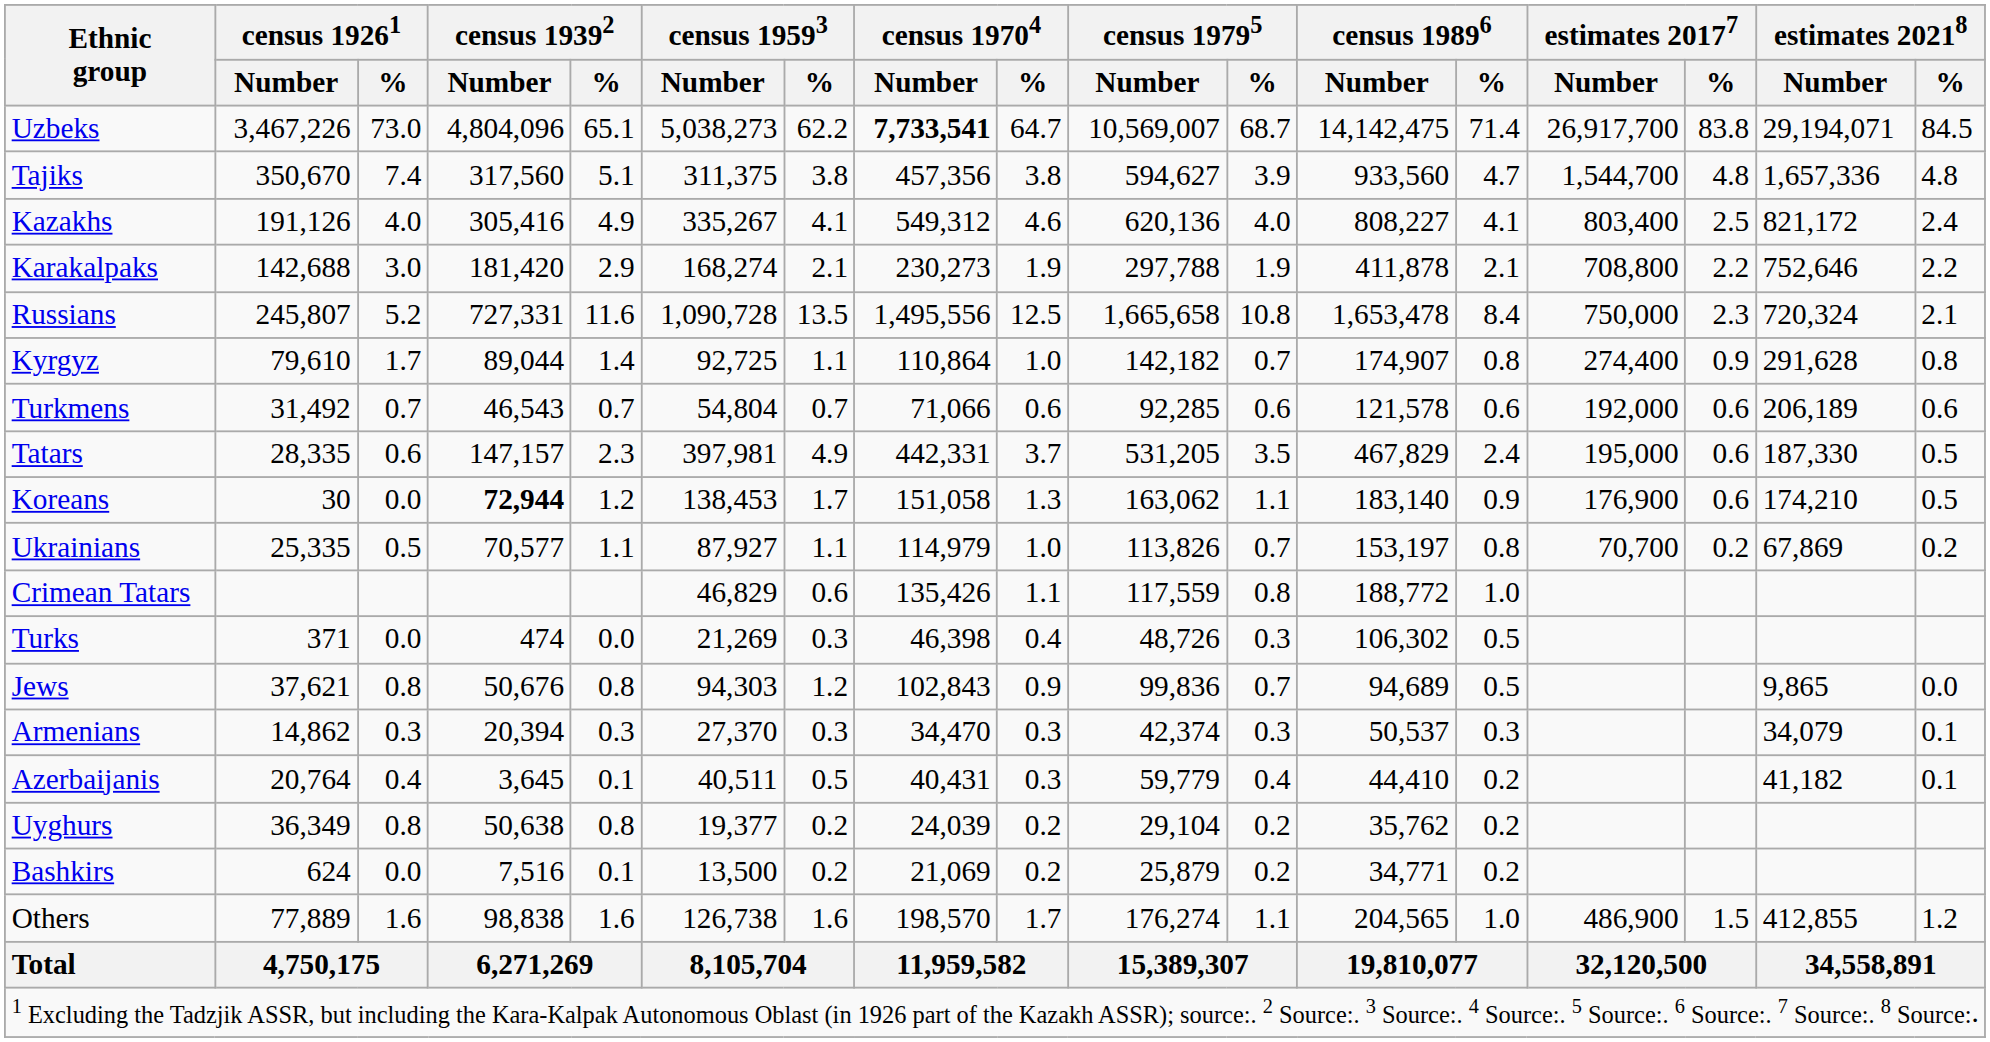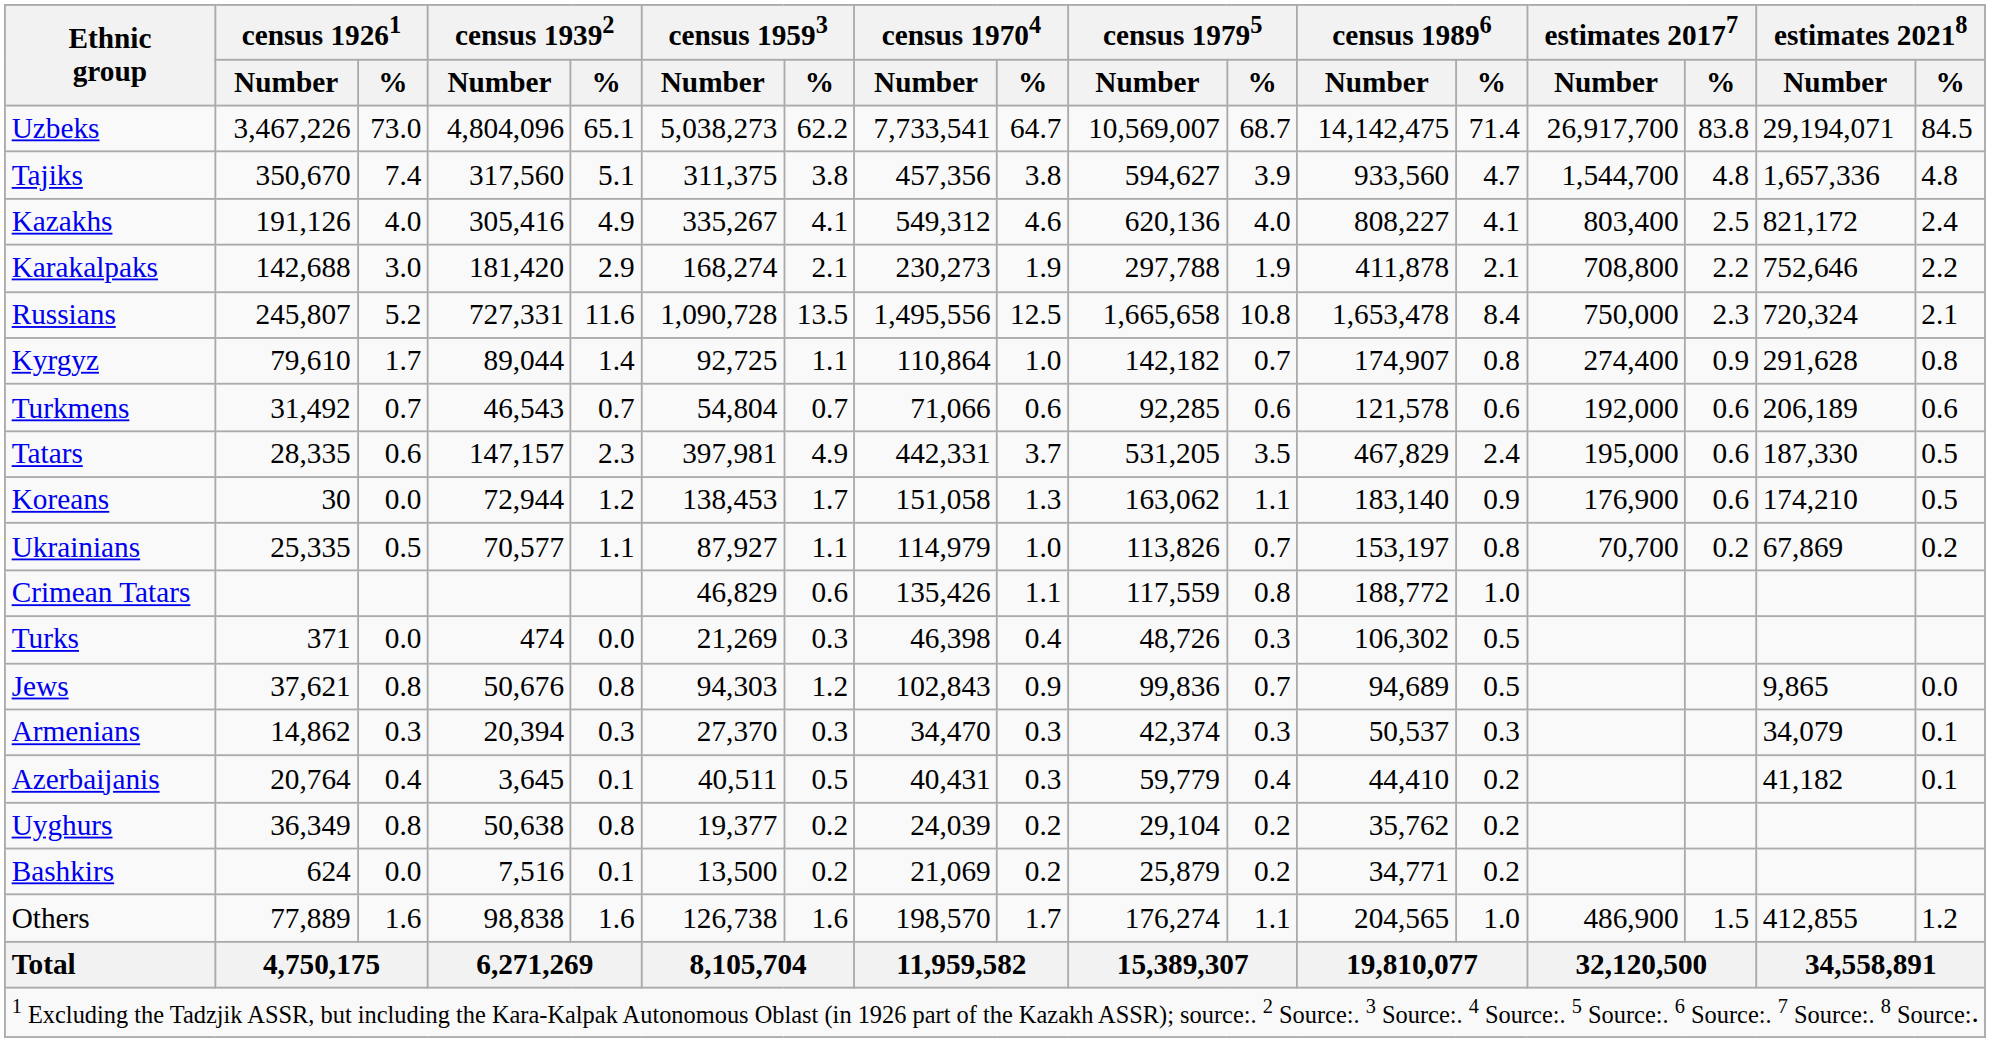 <table class="wikitable">
 <tr style="background:#e0e0e0;">
 <th rowspan="2">Ethnic<br>group</th>
 <th colspan="2">census 1926<sup>1</sup></th>
 <th colspan="2">census 1939<sup>2</sup></th>
 <th colspan="2">census 1959<sup>3</sup></th>
 <th colspan="2">census 1970<sup>4</sup></th>
 <th colspan="2">census 1979<sup>5</sup></th>
 <th colspan="2">census 1989<sup>6</sup></th>
 <th colspan="2">estimates 2017<sup>7</sup></th>
 <th colspan="2">estimates 2021<sup>8</sup></th>
 </tr>
 <tr style="background:#e0e0e0;">
 <th>Number</th>
 <th>%</th>
 <th>Number</th>
 <th>%</th>
 <th>Number</th>
 <th>%</th>
 <th>Number</th>
 <th>%</th>
 <th>Number</th>
 <th>%</th>
 <th>Number</th>
 <th>%</th>
 <th>Number</th>
 <th>%</th>
 <th>Number</th>
 <th>%</th>
 </tr>
 <tr>
 <td><a href='#'>Uzbeks</a></td>
 <td style="text-align:right;">3,467,226</td>
 <td style="text-align:right;">73.0</td>
 <td style="text-align:right;">4,804,096</td>
 <td style="text-align:right;">65.1</td>
 <td style="text-align:right;">5,038,273</td>
 <td style="text-align:right;">62.2</td>
-<td style="text-align:right;"><strong>7,733,541</strong></td>
+<td style="text-align:right;">7,733,541</td>
 <td style="text-align:right;">64.7</td>
 <td style="text-align:right;">10,569,007</td>
 <td style="text-align:right;">68.7</td>
 <td style="text-align:right;">14,142,475</td>
 <td style="text-align:right;">71.4</td>
 <td style="text-align:right;">26,917,700</td>
 <td style="text-align:right;">83.8</td>
 <td>29,194,071</td>
 <td>84.5</td>
 </tr>
 <tr>
 <td><a href='#'>Tajiks</a></td>
 <td style="text-align:right;">350,670</td>
 <td style="text-align:right;">7.4</td>
 <td style="text-align:right;">317,560</td>
 <td style="text-align:right;">5.1</td>
 <td style="text-align:right;">311,375</td>
 <td style="text-align:right;">3.8</td>
 <td style="text-align:right;">457,356</td>
 <td style="text-align:right;">3.8</td>
 <td style="text-align:right;">594,627</td>
 <td style="text-align:right;">3.9</td>
 <td style="text-align:right;">933,560</td>
 <td style="text-align:right;">4.7</td>
 <td style="text-align:right;">1,544,700</td>
 <td style="text-align:right;">4.8</td>
 <td>1,657,336</td>
 <td>4.8</td>
 </tr>
 <tr>
 <td><a href='#'>Kazakhs</a></td>
 <td style="text-align:right;">191,126</td>
 <td style="text-align:right;">4.0</td>
 <td style="text-align:right;">305,416</td>
 <td style="text-align:right;">4.9</td>
 <td style="text-align:right;">335,267</td>
 <td style="text-align:right;">4.1</td>
 <td style="text-align:right;">549,312</td>
 <td style="text-align:right;">4.6</td>
 <td style="text-align:right;">620,136</td>
 <td style="text-align:right;">4.0</td>
 <td style="text-align:right;">808,227</td>
 <td style="text-align:right;">4.1</td>
 <td style="text-align:right;">803,400</td>
 <td style="text-align:right;">2.5</td>
 <td>821,172</td>
 <td>2.4</td>
 </tr>
 <tr>
 <td><a href='#'>Karakalpaks</a></td>
 <td style="text-align:right;">142,688</td>
 <td style="text-align:right;">3.0</td>
 <td style="text-align:right;">181,420</td>
 <td style="text-align:right;">2.9</td>
 <td style="text-align:right;">168,274</td>
 <td style="text-align:right;">2.1</td>
 <td style="text-align:right;">230,273</td>
 <td style="text-align:right;">1.9</td>
 <td style="text-align:right;">297,788</td>
 <td style="text-align:right;">1.9</td>
 <td style="text-align:right;">411,878</td>
 <td style="text-align:right;">2.1</td>
 <td style="text-align:right;">708,800</td>
 <td style="text-align:right;">2.2</td>
 <td>752,646</td>
 <td>2.2</td>
 </tr>
 <tr>
 <td><a href='#'>Russians</a></td>
 <td style="text-align:right;">245,807</td>
 <td style="text-align:right;">5.2</td>
 <td style="text-align:right;">727,331</td>
 <td style="text-align:right;">11.6</td>
 <td style="text-align:right;">1,090,728</td>
 <td style="text-align:right;">13.5</td>
 <td style="text-align:right;">1,495,556</td>
 <td style="text-align:right;">12.5</td>
 <td style="text-align:right;">1,665,658</td>
 <td style="text-align:right;">10.8</td>
 <td style="text-align:right;">1,653,478</td>
 <td style="text-align:right;">8.4</td>
 <td style="text-align:right;">750,000</td>
 <td style="text-align:right;">2.3</td>
 <td>720,324</td>
 <td>2.1</td>
 </tr>
 <tr>
 <td><a href='#'>Kyrgyz</a></td>
 <td style="text-align:right;">79,610</td>
 <td style="text-align:right;">1.7</td>
 <td style="text-align:right;">89,044</td>
 <td style="text-align:right;">1.4</td>
 <td style="text-align:right;">92,725</td>
 <td style="text-align:right;">1.1</td>
 <td style="text-align:right;">110,864</td>
 <td style="text-align:right;">1.0</td>
 <td style="text-align:right;">142,182</td>
 <td style="text-align:right;">0.7</td>
 <td style="text-align:right;">174,907</td>
 <td style="text-align:right;">0.8</td>
 <td style="text-align:right;">274,400</td>
 <td style="text-align:right;">0.9</td>
 <td>291,628</td>
 <td>0.8</td>
 </tr>
 <tr>
 <td><a href='#'>Turkmens</a></td>
 <td style="text-align:right;">31,492</td>
 <td style="text-align:right;">0.7</td>
 <td style="text-align:right;">46,543</td>
 <td style="text-align:right;">0.7</td>
 <td style="text-align:right;">54,804</td>
 <td style="text-align:right;">0.7</td>
 <td style="text-align:right;">71,066</td>
 <td style="text-align:right;">0.6</td>
 <td style="text-align:right;">92,285</td>
 <td style="text-align:right;">0.6</td>
 <td style="text-align:right;">121,578</td>
 <td style="text-align:right;">0.6</td>
 <td style="text-align:right;">192,000</td>
 <td style="text-align:right;">0.6</td>
 <td>206,189</td>
 <td>0.6</td>
 </tr>
 <tr>
 <td><a href='#'>Tatars</a></td>
 <td style="text-align:right;">28,335</td>
 <td style="text-align:right;">0.6</td>
 <td style="text-align:right;">147,157</td>
 <td style="text-align:right;">2.3</td>
 <td style="text-align:right;">397,981</td>
 <td style="text-align:right;">4.9</td>
 <td style="text-align:right;">442,331</td>
 <td style="text-align:right;">3.7</td>
 <td style="text-align:right;">531,205</td>
 <td style="text-align:right;">3.5</td>
 <td style="text-align:right;">467,829</td>
 <td style="text-align:right;">2.4</td>
 <td style="text-align:right;">195,000</td>
 <td style="text-align:right;">0.6</td>
 <td>187,330</td>
 <td>0.5</td>
 </tr>
 <tr>
 <td><a href='#'>Koreans</a></td>
 <td style="text-align:right;">30</td>
 <td style="text-align:right;">0.0</td>
-<td style="text-align:right;"><strong>72,944</strong></td>
+<td style="text-align:right;">72,944</td>
 <td style="text-align:right;">1.2</td>
 <td style="text-align:right;">138,453</td>
 <td style="text-align:right;">1.7</td>
 <td style="text-align:right;">151,058</td>
 <td style="text-align:right;">1.3</td>
 <td style="text-align:right;">163,062</td>
 <td style="text-align:right;">1.1</td>
 <td style="text-align:right;">183,140</td>
 <td style="text-align:right;">0.9</td>
 <td style="text-align:right;">176,900</td>
 <td style="text-align:right;">0.6</td>
 <td>174,210</td>
 <td>0.5</td>
 </tr>
 <tr>
 <td><a href='#'>Ukrainians</a></td>
 <td style="text-align:right;">25,335</td>
 <td style="text-align:right;">0.5</td>
 <td style="text-align:right;">70,577</td>
 <td style="text-align:right;">1.1</td>
 <td style="text-align:right;">87,927</td>
 <td style="text-align:right;">1.1</td>
 <td style="text-align:right;">114,979</td>
 <td style="text-align:right;">1.0</td>
 <td style="text-align:right;">113,826</td>
 <td style="text-align:right;">0.7</td>
 <td style="text-align:right;">153,197</td>
 <td style="text-align:right;">0.8</td>
 <td style="text-align:right;">70,700</td>
 <td style="text-align:right;">0.2</td>
 <td>67,869</td>
 <td>0.2</td>
 </tr>
 <tr>
 <td><a href='#'>Crimean Tatars</a></td>
 <td style="text-align:right;"></td>
 <td style="text-align:right;"></td>
 <td style="text-align:right;"></td>
 <td style="text-align:right;"></td>
 <td style="text-align:right;">46,829</td>
 <td style="text-align:right;">0.6</td>
 <td style="text-align:right;">135,426</td>
 <td style="text-align:right;">1.1</td>
 <td style="text-align:right;">117,559</td>
 <td style="text-align:right;">0.8</td>
 <td style="text-align:right;">188,772</td>
 <td style="text-align:right;">1.0</td>
 <td style="text-align:right;"></td>
 <td style="text-align:right;"></td>
 <td></td>
 <td></td>
 </tr>
 <tr>
 <td><a href='#'>Turks</a></td>
 <td style="text-align:right;">371</td>
 <td style="text-align:right;">0.0</td>
 <td style="text-align:right;">474</td>
 <td style="text-align:right;">0.0</td>
 <td style="text-align:right;">21,269</td>
 <td style="text-align:right;">0.3</td>
 <td style="text-align:right;">46,398</td>
 <td style="text-align:right;">0.4</td>
 <td style="text-align:right;">48,726</td>
 <td style="text-align:right;">0.3</td>
 <td style="text-align:right;">106,302</td>
 <td style="text-align:right;">0.5</td>
 <td style="text-align:right;"></td>
 <td style="text-align:right;"></td>
 <td></td>
 <td></td>
 </tr>
 <tr>
 <td><a href='#'>Jews</a></td>
 <td style="text-align:right;">37,621</td>
 <td style="text-align:right;">0.8</td>
 <td style="text-align:right;">50,676</td>
 <td style="text-align:right;">0.8</td>
 <td style="text-align:right;">94,303</td>
 <td style="text-align:right;">1.2</td>
 <td style="text-align:right;">102,843</td>
 <td style="text-align:right;">0.9</td>
 <td style="text-align:right;">99,836</td>
 <td style="text-align:right;">0.7</td>
 <td style="text-align:right;">94,689</td>
 <td style="text-align:right;">0.5</td>
 <td style="text-align:right;"></td>
 <td style="text-align:right;"></td>
 <td>9,865</td>
 <td>0.0</td>
 </tr>
 <tr>
 <td><a href='#'>Armenians</a></td>
 <td style="text-align:right;">14,862</td>
 <td style="text-align:right;">0.3</td>
 <td style="text-align:right;">20,394</td>
 <td style="text-align:right;">0.3</td>
 <td style="text-align:right;">27,370</td>
 <td style="text-align:right;">0.3</td>
 <td style="text-align:right;">34,470</td>
 <td style="text-align:right;">0.3</td>
 <td style="text-align:right;">42,374</td>
 <td style="text-align:right;">0.3</td>
 <td style="text-align:right;">50,537</td>
 <td style="text-align:right;">0.3</td>
 <td style="text-align:right;"></td>
 <td style="text-align:right;"></td>
 <td>34,079</td>
 <td>0.1</td>
 </tr>
 <tr>
 <td><a href='#'>Azerbaijanis</a></td>
 <td style="text-align:right;">20,764</td>
 <td style="text-align:right;">0.4</td>
 <td style="text-align:right;">3,645</td>
 <td style="text-align:right;">0.1</td>
 <td style="text-align:right;">40,511</td>
 <td style="text-align:right;">0.5</td>
 <td style="text-align:right;">40,431</td>
 <td style="text-align:right;">0.3</td>
 <td style="text-align:right;">59,779</td>
 <td style="text-align:right;">0.4</td>
 <td style="text-align:right;">44,410</td>
 <td style="text-align:right;">0.2</td>
 <td style="text-align:right;"></td>
 <td style="text-align:right;"></td>
 <td>41,182</td>
 <td>0.1</td>
 </tr>
 <tr>
 <td><a href='#'>Uyghurs</a></td>
 <td style="text-align:right;">36,349</td>
 <td style="text-align:right;">0.8</td>
 <td style="text-align:right;">50,638</td>
 <td style="text-align:right;">0.8</td>
 <td style="text-align:right;">19,377</td>
 <td style="text-align:right;">0.2</td>
 <td style="text-align:right;">24,039</td>
 <td style="text-align:right;">0.2</td>
 <td style="text-align:right;">29,104</td>
 <td style="text-align:right;">0.2</td>
 <td style="text-align:right;">35,762</td>
 <td style="text-align:right;">0.2</td>
 <td style="text-align:right;"></td>
 <td style="text-align:right;"></td>
 <td></td>
 <td></td>
 </tr>
 <tr>
 <td><a href='#'>Bashkirs</a></td>
 <td style="text-align:right;">624</td>
 <td style="text-align:right;">0.0</td>
 <td style="text-align:right;">7,516</td>
 <td style="text-align:right;">0.1</td>
 <td style="text-align:right;">13,500</td>
 <td style="text-align:right;">0.2</td>
 <td style="text-align:right;">21,069</td>
 <td style="text-align:right;">0.2</td>
 <td style="text-align:right;">25,879</td>
 <td style="text-align:right;">0.2</td>
 <td style="text-align:right;">34,771</td>
 <td style="text-align:right;">0.2</td>
 <td style="text-align:right;"></td>
 <td style="text-align:right;"></td>
 <td></td>
 <td></td>
 </tr>
 <tr>
 <td>Others</td>
 <td style="text-align:right;">77,889</td>
 <td style="text-align:right;">1.6</td>
 <td style="text-align:right;">98,838</td>
 <td style="text-align:right;">1.6</td>
 <td style="text-align:right;">126,738</td>
 <td style="text-align:right;">1.6</td>
 <td style="text-align:right;">198,570</td>
 <td style="text-align:right;">1.7</td>
 <td style="text-align:right;">176,274</td>
 <td style="text-align:right;">1.1</td>
 <td style="text-align:right;">204,565</td>
 <td style="text-align:right;">1.0</td>
 <td style="text-align:right;">486,900</td>
 <td style="text-align:right;">1.5</td>
 <td>412,855</td>
 <td>1.2</td>
 </tr>
 <tr style="background:#e0e0e0;">
 <th style="text-align:left;">Total</th>
 <th colspan="2">4,750,175</th>
 <th colspan="2">6,271,269</th>
 <th colspan="2">8,105,704</th>
 <th colspan="2">11,959,582</th>
 <th colspan="2">15,389,307</th>
 <th colspan="2">19,810,077</th>
 <th colspan="2">32,120,500</th>
 <th colspan="2">34,558,891</th>
 </tr>
 <tr>
 <td colspan="17"><small><sup>1</sup> Excluding the Tadzjik ASSR, but including the Kara-Kalpak Autonomous Oblast (in 1926 part of the Kazakh ASSR); source:. <sup>2</sup> Source:. <sup>3</sup> Source:. <sup>4</sup> Source:. <sup>5</sup> Source:. <sup>6</sup> Source:. <sup>7</sup> Source:. <sup>8</sup> Source:</small>.</td>
 </tr>
 </table>
